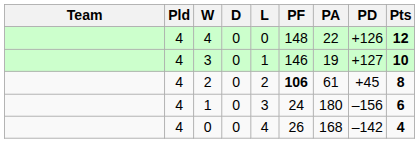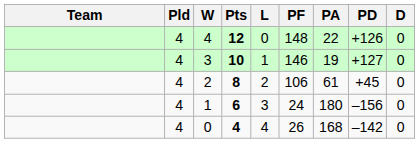 <table class="wikitable" style="text-align:center;">
 <tr>
 <th width=175>Team</th>
 <th width=25 abbr="Played">Pld</th>
 <th width=25 abbr="Won">W</th>
-<th width=25 abbr="Drawn">D</th>
+<th width=25 abbr="Points">Pts</th>
 <th width=25 abbr="Lost">L</th>
 <th width=32 abbr="Points for">PF</th>
 <th width=32 abbr="Points against">PA</th>
 <th width=32 abbr="Points difference">PD</th>
-<th width=25 abbr="Points">Pts</th>
+<th width=25 abbr="Drawn">D</th>
 </tr>
 <tr bgcolor=ccffcc>
 <td align=left></td>
 <td>4</td>
 <td>4</td>
-<td>0</td>
+<td><strong>12</strong></td>
 <td>0</td>
 <td>148</td>
 <td>22</td>
 <td>+126</td>
-<td><strong>12</strong></td>
+<td>0</td>
 </tr>
 <tr bgcolor=ccffcc>
 <td align=left></td>
 <td>4</td>
 <td>3</td>
-<td>0</td>
+<td><strong>10</strong></td>
 <td>1</td>
 <td>146</td>
 <td>19</td>
 <td>+127</td>
-<td><strong>10</strong></td>
+<td>0</td>
 </tr>
 <tr>
 <td align=left></td>
 <td>4</td>
 <td>2</td>
-<td>0</td>
+<td><strong>8</strong></td>
 <td>2</td>
-<td><strong>106</strong></td>
+<td>106</td>
 <td>61</td>
 <td>+45</td>
-<td><strong>8</strong></td>
+<td>0</td>
 </tr>
 <tr>
 <td align=left></td>
 <td>4</td>
 <td>1</td>
-<td>0</td>
+<td><strong>6</strong></td>
 <td>3</td>
 <td>24</td>
 <td>180</td>
 <td>–156</td>
-<td><strong>6</strong></td>
+<td>0</td>
 </tr>
 <tr>
 <td align=left></td>
 <td>4</td>
 <td>0</td>
-<td>0</td>
+<td><strong>4</strong></td>
 <td>4</td>
 <td>26</td>
 <td>168</td>
 <td>–142</td>
-<td><strong>4</strong></td>
+<td>0</td>
 </tr>
 </table>
